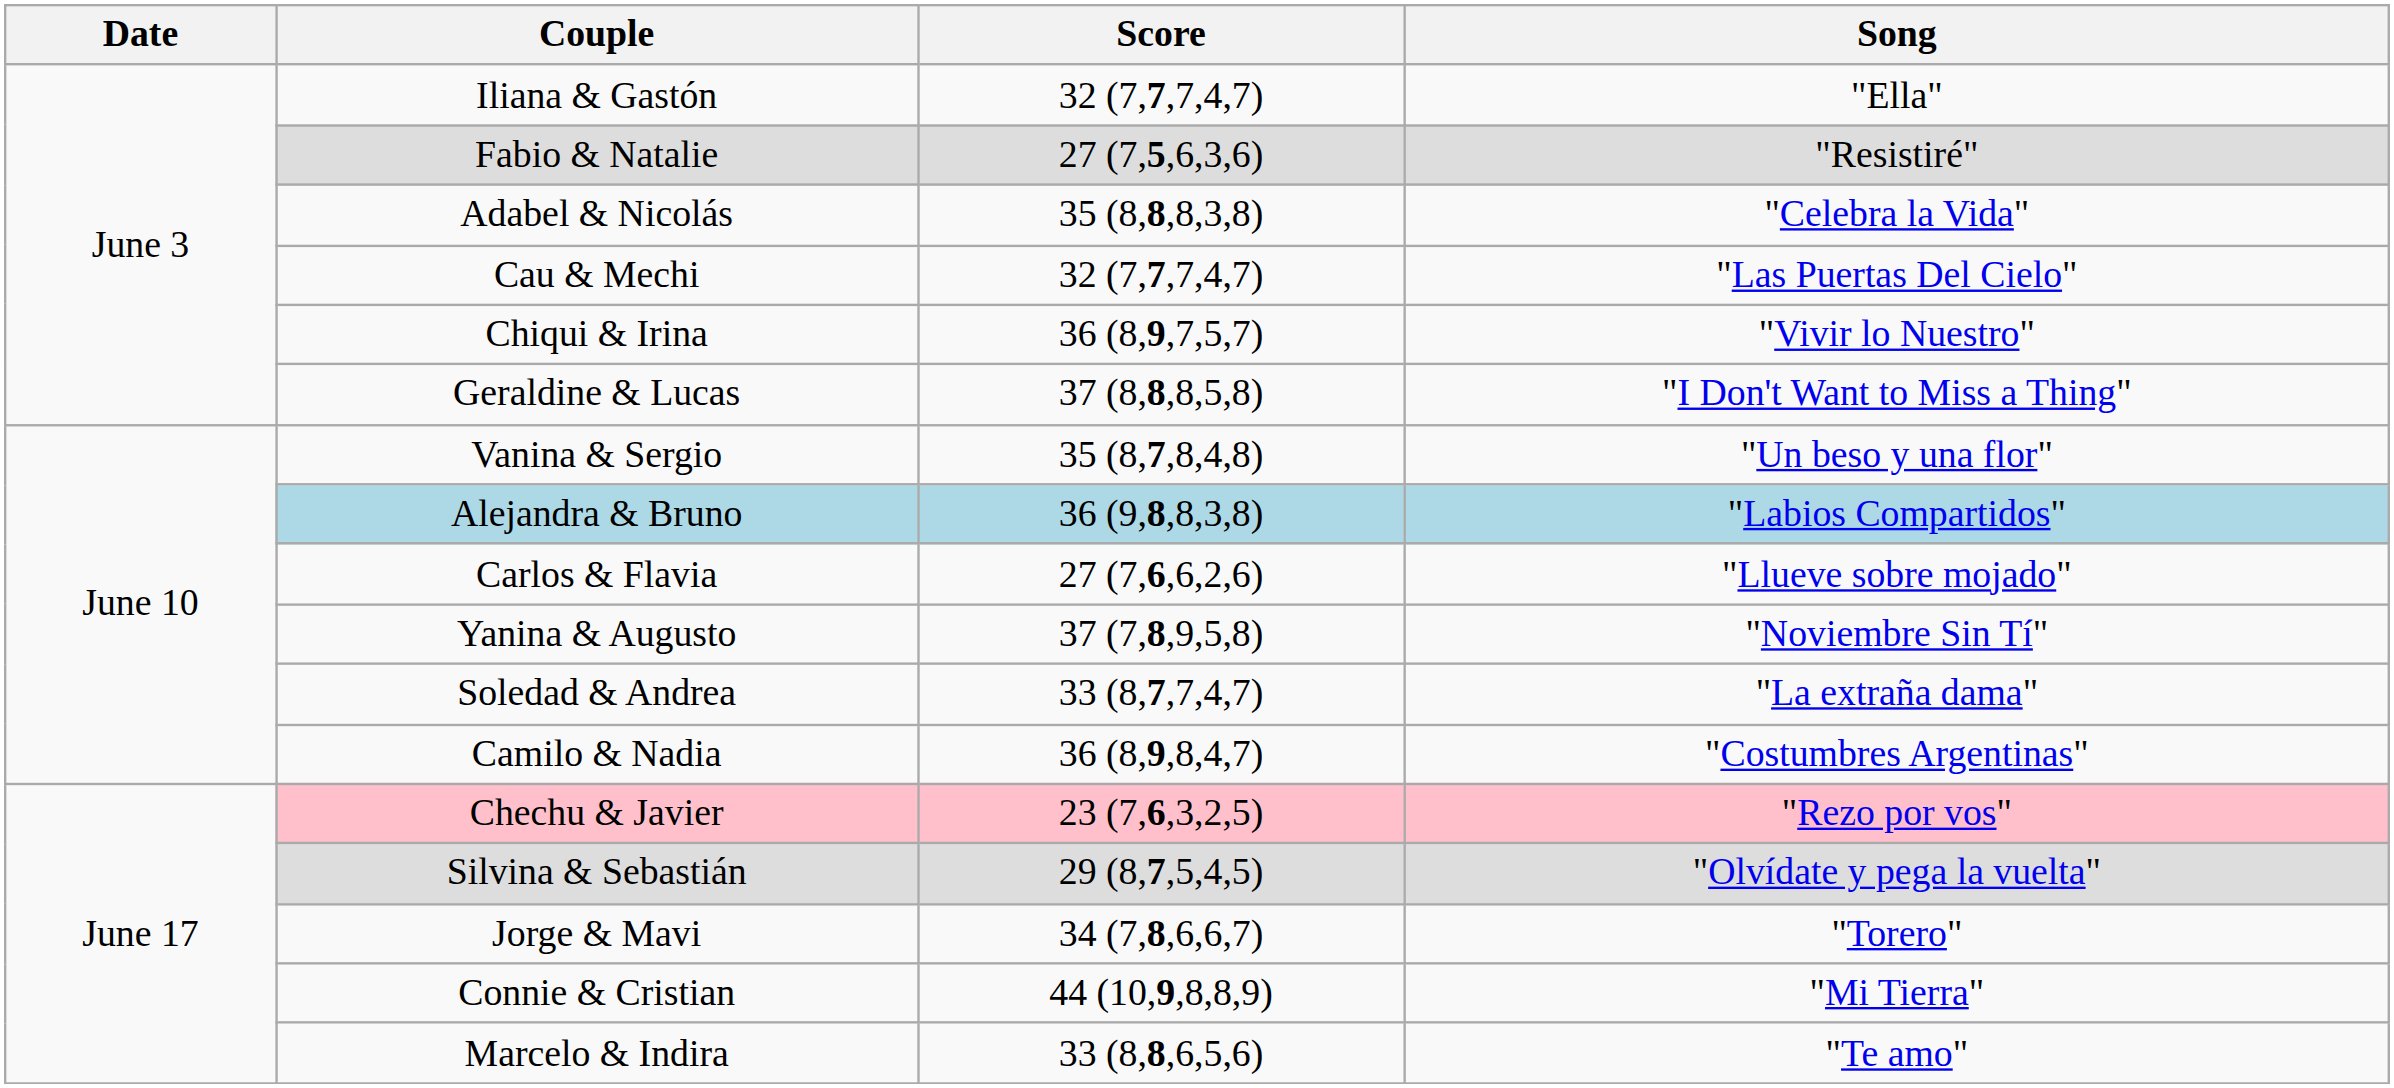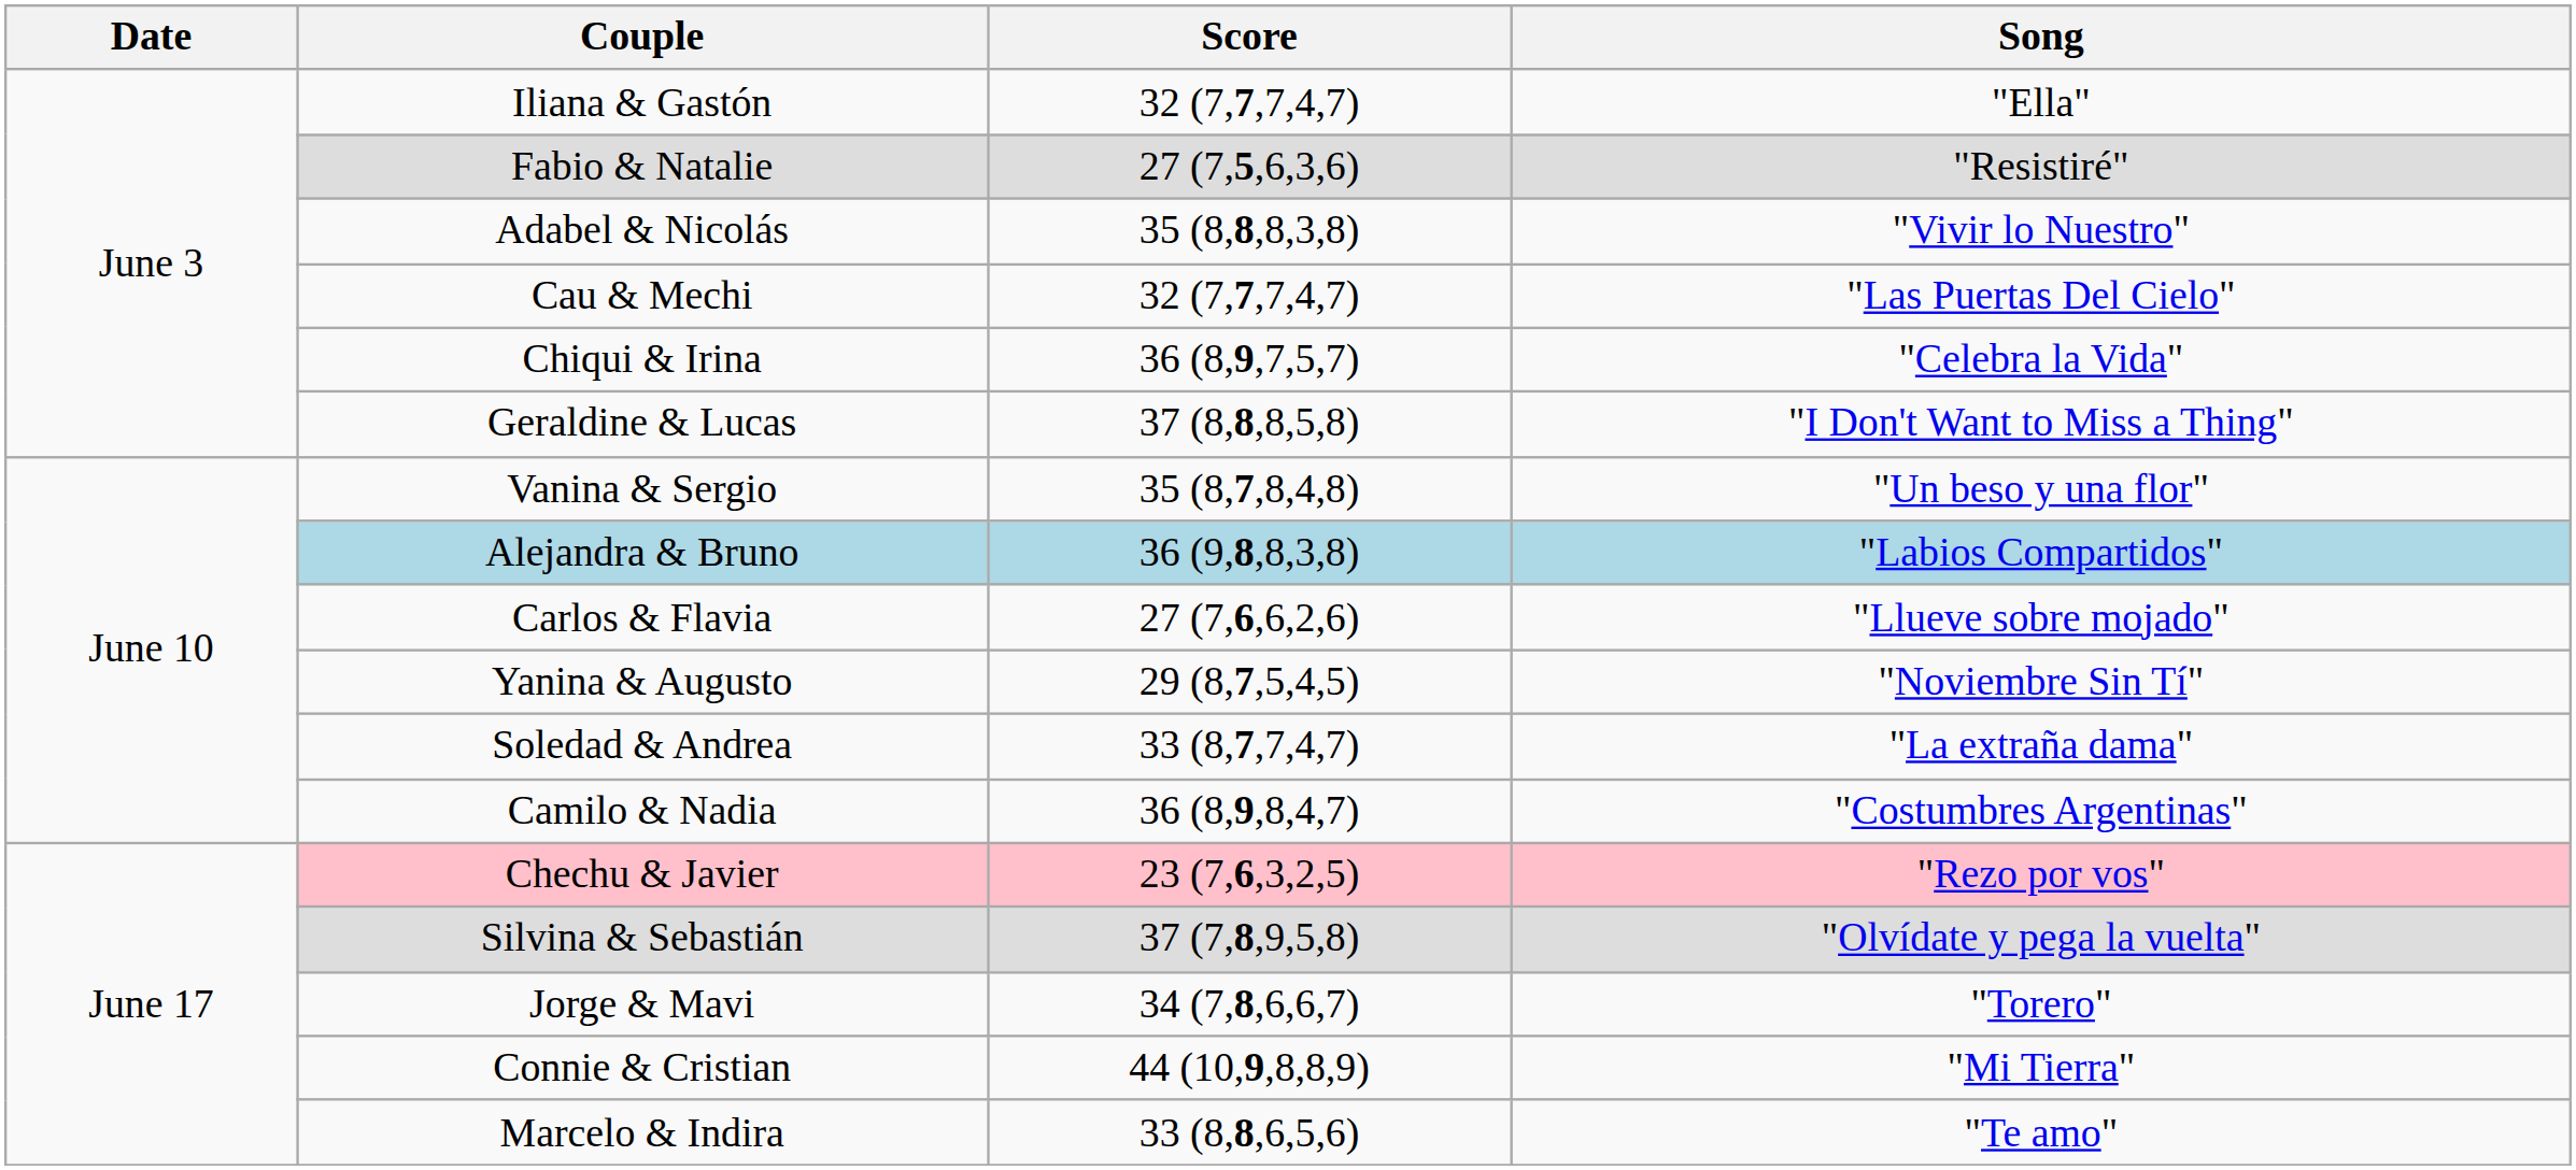 <table class="wikitable" style="width:80%; text-align:center;">
 <tr>
 <th>Date</th>
 <th>Couple</th>
 <th>Score</th>
 <th>Song </th>
 </tr>
 <tr>
 <td rowspan=6>June 3</td>
 <td>Iliana & Gastón</td>
 <td>32 (7,<strong>7</strong>,7,4,7)</td>
 <td>"Ella" </td>
 </tr>
 <tr style="background:#dddddd;">
 <td>Fabio & Natalie</td>
 <td>27 (7,<strong>5</strong>,6,3,6)</td>
 <td>"Resistiré" </td>
 </tr>
 <tr>
 <td>Adabel & Nicolás</td>
 <td>35 (8,<strong>8</strong>,8,3,8)</td>
-<td>"<a href='#'>Celebra la Vida</a>" </td>
+<td>"<a href='#'>Vivir lo Nuestro</a>" </td>
 </tr>
 <tr>
 <td>Cau & Mechi</td>
 <td>32 (7,<strong>7</strong>,7,4,7)</td>
 <td>"<a href='#'>Las Puertas Del Cielo</a>" </td>
 </tr>
 <tr>
 <td>Chiqui & Irina</td>
 <td>36 (8,<strong>9</strong>,7,5,7)</td>
-<td>"<a href='#'>Vivir lo Nuestro</a>" </td>
+<td>"<a href='#'>Celebra la Vida</a>" </td>
 </tr>
 <tr>
 <td>Geraldine & Lucas</td>
 <td>37 (8,<strong>8</strong>,8,5,8)</td>
 <td>"<a href='#'>I Don't Want to Miss a Thing</a>" </td>
 </tr>
 <tr>
 <td rowspan=6>June 10</td>
 <td>Vanina & Sergio</td>
 <td>35 (8,<strong>7</strong>,8,4,8)</td>
 <td>"<a href='#'>Un beso y una flor</a>" </td>
 </tr>
 <tr style="background:lightblue;">
 <td>Alejandra & Bruno</td>
 <td>36 (9,<strong>8</strong>,8,3,8)</td>
 <td>"<a href='#'>Labios Compartidos</a>" </td>
 </tr>
 <tr>
 <td>Carlos & Flavia</td>
 <td>27 (7,<strong>6</strong>,6,2,6)</td>
 <td>"<a href='#'>Llueve sobre mojado</a>" </td>
 </tr>
 <tr>
 <td>Yanina & Augusto</td>
-<td>37 (7,<strong>8</strong>,9,5,8)</td>
+<td>29 (8,<strong>7</strong>,5,4,5)</td>
 <td>"<a href='#'>Noviembre Sin Tí</a>" </td>
 </tr>
 <tr>
 <td>Soledad & Andrea</td>
 <td>33 (8,<strong>7</strong>,7,4,7)</td>
 <td>"<a href='#'>La extraña dama</a>" </td>
 </tr>
 <tr>
 <td>Camilo & Nadia</td>
 <td>36 (8,<strong>9</strong>,8,4,7)</td>
 <td>"<a href='#'>Costumbres Argentinas</a>" </td>
 </tr>
 <tr>
 <td rowspan=5>June 17</td>
 <td style="background:pink;">Chechu & Javier</td>
 <td style="background:pink;">23 (7,<strong>6</strong>,3,2,5)</td>
 <td style="background:pink;">"<a href='#'>Rezo por vos</a>" </td>
 </tr>
 <tr style="background:#dddddd;">
 <td>Silvina & Sebastián</td>
-<td>29 (8,<strong>7</strong>,5,4,5)</td>
+<td>37 (7,<strong>8</strong>,9,5,8)</td>
 <td>"<a href='#'>Olvídate y pega la vuelta</a>" </td>
 </tr>
 <tr>
 <td>Jorge & Mavi</td>
 <td>34 (7,<strong>8</strong>,6,6,7)</td>
 <td>"<a href='#'>Torero</a>" </td>
 </tr>
 <tr>
 <td>Connie & Cristian</td>
 <td>44 (10,<strong>9</strong>,8,8,9)</td>
 <td>"<a href='#'>Mi Tierra</a>" </td>
 </tr>
 <tr>
 <td>Marcelo & Indira</td>
 <td>33 (8,<strong>8</strong>,6,5,6)</td>
 <td>"<a href='#'>Te amo</a>" </td>
 </tr>
 <tr>
 </tr>
 </table>
